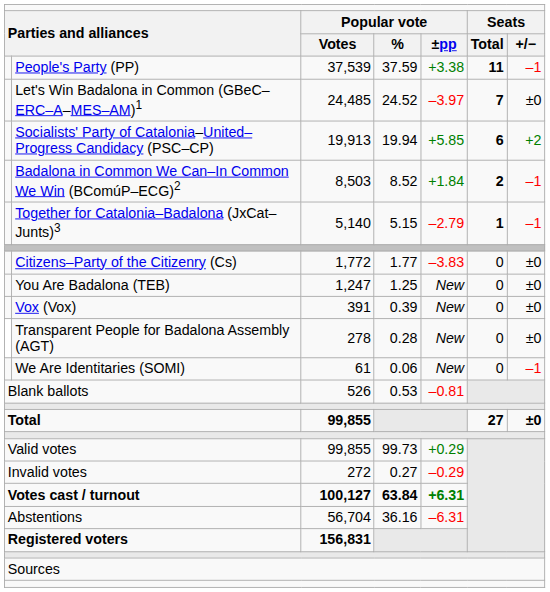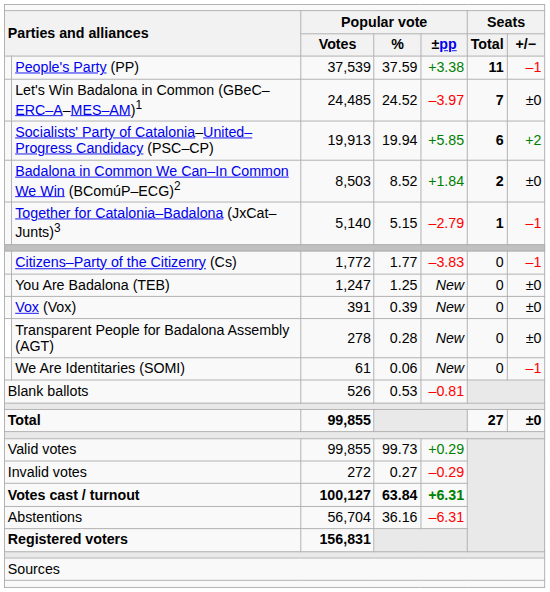 <table class="wikitable" style="text-align:right;">
 <tr>
 <td colspan="7"></td>
 </tr>
 <tr>
 <th style="text-align:left;" rowspan="2" colspan="2" width="525">Parties and alliances</th>
 <th colspan="3">Popular vote</th>
 <th colspan="2">Seats</th>
 </tr>
 <tr>
 <th width="75">Votes</th>
 <th width="45">%</th>
 <th width="45">±<a href='#'>pp</a></th>
 <th width="35">Total</th>
 <th width="35">+/−</th>
 </tr>
 <tr>
 <td width="1" style="color:inherit;background:"></td>
 <td align="left"><a href='#'>People's Party</a> (PP)</td>
 <td>37,539</td>
 <td>37.59</td>
 <td style="color:green;">+3.38</td>
 <td><strong>11</strong></td>
 <td style="color:red;">–1</td>
 </tr>
 <tr>
 <td style="color:inherit;background:"></td>
 <td align="left">Let's Win Badalona in Common (GBeC–<a href='#'>ERC–A</a>–<a href='#'>MES–AM</a>)<sup>1</sup></td>
 <td>24,485</td>
 <td>24.52</td>
 <td style="color:red;">–3.97</td>
 <td><strong>7</strong></td>
 <td>±0</td>
 </tr>
 <tr>
 <td style="color:inherit;background:"></td>
 <td align="left"><a href='#'>Socialists' Party of Catalonia</a>–<a href='#'>United–Progress Candidacy</a> (PSC–CP)</td>
 <td>19,913</td>
 <td>19.94</td>
 <td style="color:green;">+5.85</td>
 <td><strong>6</strong></td>
 <td style="color:green;">+2</td>
 </tr>
 <tr>
 <td style="color:inherit;background:"></td>
 <td align="left"><a href='#'>Badalona in Common We Can–In Common We Win</a> (BComúP–ECG)<sup>2</sup></td>
 <td>8,503</td>
 <td>8.52</td>
 <td style="color:green;">+1.84</td>
 <td><strong>2</strong></td>
-<td style="color:red;">–1</td>
+<td>±0</td>
 </tr>
 <tr>
 <td style="color:inherit;background:"></td>
 <td align="left"><a href='#'>Together for Catalonia–Badalona</a> (JxCat–Junts)<sup>3</sup></td>
 <td>5,140</td>
 <td>5.15</td>
 <td style="color:red;">–2.79</td>
 <td><strong>1</strong></td>
 <td style="color:red;">–1</td>
 </tr>
 <tr>
 <td colspan="7" bgcolor="#C0C0C0"></td>
 </tr>
 <tr>
 <td style="color:inherit;background:"></td>
 <td align="left"><a href='#'>Citizens–Party of the Citizenry</a> (Cs)</td>
 <td>1,772</td>
 <td>1.77</td>
 <td style="color:red;">–3.83</td>
 <td>0</td>
-<td>±0</td>
+<td style="color:red;">–1</td>
 </tr>
 <tr>
 <td style="color:inherit;background:"></td>
 <td align="left">You Are Badalona (TEB)</td>
 <td>1,247</td>
 <td>1.25</td>
 <td><em>New</em></td>
 <td>0</td>
 <td>±0</td>
 </tr>
 <tr>
 <td style="color:inherit;background:"></td>
 <td align="left"><a href='#'>Vox</a> (Vox)</td>
 <td>391</td>
 <td>0.39</td>
 <td><em>New</em></td>
 <td>0</td>
 <td>±0</td>
 </tr>
 <tr>
 <td bgcolor="white"></td>
 <td align="left">Transparent People for Badalona Assembly (AGT)</td>
 <td>278</td>
 <td>0.28</td>
 <td><em>New</em></td>
 <td>0</td>
 <td>±0</td>
 </tr>
 <tr>
 <td style="color:inherit;background:"></td>
 <td align="left">We Are Identitaries (SOMI)</td>
 <td>61</td>
 <td>0.06</td>
 <td><em>New</em></td>
 <td>0</td>
 <td style="color:red;">–1</td>
 </tr>
 <tr>
 <td align="left" colspan="2">Blank ballots</td>
 <td>526</td>
 <td>0.53</td>
 <td style="color:red;">–0.81</td>
 <td bgcolor="#E9E9E9" colspan="2"></td>
 </tr>
 <tr>
 <td colspan="7" bgcolor="#E9E9E9"></td>
 </tr>
 <tr style="font-weight:bold;">
 <td align="left" colspan="2">Total</td>
 <td>99,855</td>
 <td bgcolor="#E9E9E9" colspan="2"></td>
 <td>27</td>
 <td>±0</td>
 </tr>
 <tr>
 <td colspan="7" bgcolor="#E9E9E9"></td>
 </tr>
 <tr>
 <td align="left" colspan="2">Valid votes</td>
 <td>99,855</td>
 <td>99.73</td>
 <td style="color:green;">+0.29</td>
 <td bgcolor="#E9E9E9" colspan="2" rowspan="5"></td>
 </tr>
 <tr>
 <td align="left" colspan="2">Invalid votes</td>
 <td>272</td>
 <td>0.27</td>
 <td style="color:red;">–0.29</td>
 </tr>
 <tr style="font-weight:bold;">
 <td align="left" colspan="2">Votes cast / turnout</td>
 <td>100,127</td>
 <td>63.84</td>
 <td style="color:green;">+6.31</td>
 </tr>
 <tr>
 <td align="left" colspan="2">Abstentions</td>
 <td>56,704</td>
 <td>36.16</td>
 <td style="color:red;">–6.31</td>
 </tr>
 <tr style="font-weight:bold;">
 <td align="left" colspan="2">Registered voters</td>
 <td>156,831</td>
 <td bgcolor="#E9E9E9" colspan="2"></td>
 </tr>
 <tr>
 <td colspan="7" bgcolor="#E9E9E9"></td>
 </tr>
 <tr>
 <td align="left" colspan="7">Sources</td>
 </tr>
 <tr>
 <td colspan="7" style="text-align:left; max-width:790px;"></td>
 </tr>
 </table>
